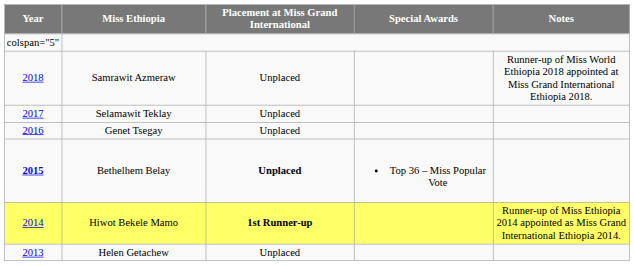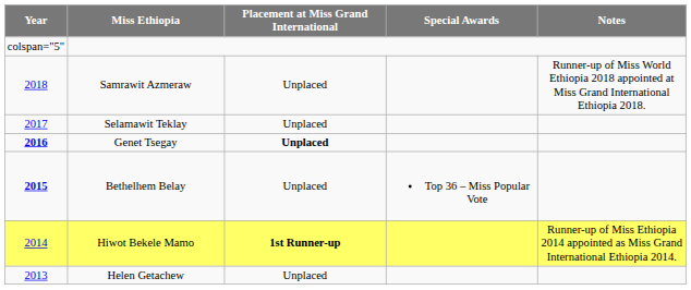 <table class="wikitable" style="font-size: 92%; text-align:center">
 <tr>
 <th width="60" style="background-color:#787878;color:#FFFFFF;">Year</th>
 <th width="250" style="background-color:#787878;color:#FFFFFF;">Miss Ethiopia</th>
 <th width="250" style="background-color:#787878;color:#FFFFFF;">Placement at Miss Grand International</th>
 <th width="230" style="background-color:#787878;color:#FFFFFF;">Special Awards</th>
 <th width="230" style="background-color:#787878;color:#FFFFFF;">Notes</th>
 </tr>
 <tr>
 <td>colspan="5" </td>
 </tr>
 <tr>
 <td><a href='#'>2018</a></td>
 <td>Samrawit Azmeraw</td>
 <td>Unplaced</td>
 <td></td>
 <td>Runner-up of Miss World Ethiopia 2018 appointed at Miss Grand International Ethiopia 2018.</td>
 </tr>
 <tr>
 <td><a href='#'>2017</a></td>
 <td>Selamawit Teklay</td>
 <td>Unplaced</td>
 <td></td>
 <td></td>
 </tr>
 <tr>
-<td><a href='#'>2016</a></td>
+<td><strong><a href='#'>2016</a></strong></td>
 <td>Genet Tsegay</td>
-<td>Unplaced</td>
+<td><strong>Unplaced</strong></td>
 <td></td>
 <td></td>
 </tr>
 <tr>
 <td><strong><a href='#'>2015</a></strong></td>
 <td>Bethelhem Belay</td>
-<td><strong>Unplaced</strong></td>
+<td>Unplaced</td>
 <td><br><ul><li>Top 36 – Miss Popular Vote</li></ul></td>
 <td></td>
 </tr>
 <tr style="background-color:#FFFF66; ">
 <td><a href='#'>2014</a></td>
 <td>Hiwot Bekele Mamo</td>
 <td><strong>1st Runner-up</strong></td>
 <td></td>
 <td>Runner-up of Miss Ethiopia 2014 appointed as Miss Grand International Ethiopia 2014.</td>
 </tr>
 <tr>
 <td><a href='#'>2013</a></td>
 <td>Helen Getachew</td>
 <td>Unplaced</td>
 <td></td>
 <td></td>
 </tr>
 </table>
